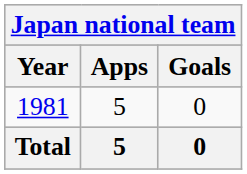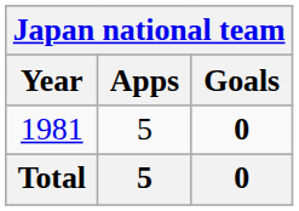 <table class="wikitable" style="text-align:center">
 <tr>
 <th colspan=3><a href='#'>Japan national team</a></th>
 </tr>
 <tr>
 <th>Year</th>
 <th>Apps</th>
 <th>Goals</th>
 </tr>
 <tr>
 <td><a href='#'>1981</a></td>
 <td>5</td>
-<td>0</td>
+<td><strong>0</strong></td>
 </tr>
 <tr>
 <th>Total</th>
 <th>5</th>
 <th>0</th>
 </tr>
 </table>
